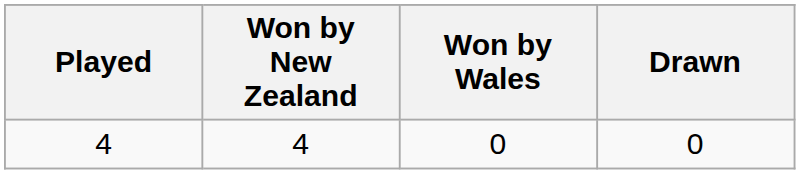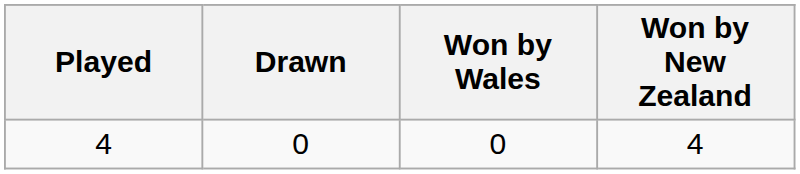 <table class="wikitable">
 <tr>
 <th width="97.5">Played</th>
+<th width="97.5">Drawn</th>
+<th width="97.5">Won by<br>Wales</th>
 <th width="97.5">Won by<br>New Zealand</th>
-<th width="97.5">Won by<br>Wales</th>
-<th width="97.5">Drawn</th>
 </tr>
 <tr>
 <td align="center">4</td>
-<td align="center">4</td>
 <td align="center">0</td>
 <td align="center">0</td>
+<td align="center">4</td>
 </tr>
 </table>
